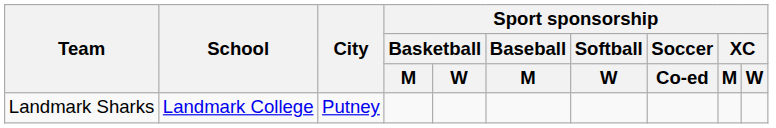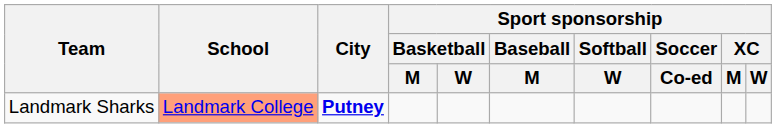 <table class="sortable wikitable">
 <tr>
 <th rowspan=3>Team</th>
 <th rowspan=3>School</th>
 <th rowspan=3>City</th>
 <th colspan=8>Sport sponsorship</th>
 </tr>
 <tr>
 <th colspan=2>Basketball</th>
 <th>Baseball</th>
 <th>Softball</th>
 <th>Soccer</th>
 <th colspan=2>XC</th>
 </tr>
 <tr>
 <th>M</th>
 <th>W</th>
 <th>M</th>
 <th>W</th>
 <th>Co-ed</th>
 <th>M</th>
 <th>W</th>
 </tr>
 <tr>
 <td>Landmark Sharks</td>
-<td><a href='#'>Landmark College</a></td>
-<td><a href='#'>Putney</a></td>
+<td style="background: lightsalmon;"><a href='#'>Landmark College</a></td>
+<td><strong><a href='#'>Putney</a></strong></td>
 <td></td>
 <td></td>
 <td></td>
 <td></td>
 <td></td>
 <td></td>
 <td></td>
 </tr>
 </table>
